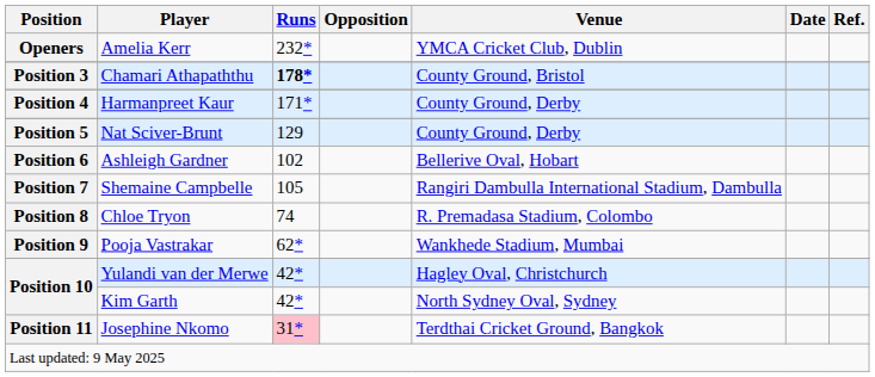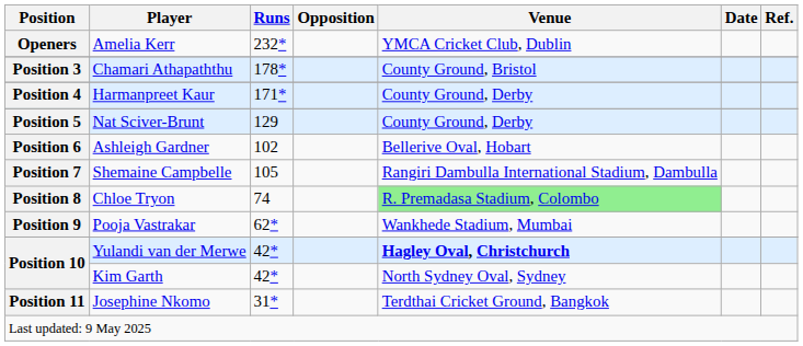 <table class="wikitable plainrowheaders defaultleft col3center">
 <tr>
 <th scope="col">Position</th>
 <th scope="col">Player</th>
 <th scope="col"><a href='#'>Runs</a></th>
 <th scope="col">Opposition</th>
 <th scope="col">Venue</th>
 <th scope="col">Date</th>
 <th scope="col">Ref.</th>
 </tr>
 <tr>
 <th scope="row">Openers</th>
 <td> <a href='#'>Amelia Kerr</a></td>
 <td>232<a href='#'>*</a></td>
 <td></td>
 <td><a href='#'>YMCA Cricket Club</a>, <a href='#'>Dublin</a></td>
 <td><a href='#'></a></td>
 <td></td>
 </tr>
 <tr>
 </tr>
 <tr style="background-color:#def;">
 <th scope="row">Position 3</th>
 <td> <a href='#'>Chamari Athapaththu</a></td>
-<td><strong>178<a href='#'>*</a></strong></td>
+<td>178<a href='#'>*</a></td>
 <td></td>
 <td><a href='#'>County Ground</a>, <a href='#'>Bristol</a></td>
 <td><a href='#'></a></td>
 <td></td>
 </tr>
 <tr>
 </tr>
 <tr style="background-color:#def;">
 <th scope="row">Position 4</th>
 <td> <a href='#'>Harmanpreet Kaur</a></td>
 <td>171<a href='#'>*</a></td>
 <td></td>
 <td><a href='#'>County Ground</a>, <a href='#'>Derby</a></td>
 <td><a href='#'></a></td>
 <td></td>
 </tr>
 <tr>
 </tr>
 <tr style="background-color:#def;">
 <th scope="row">Position 5</th>
 <td> <a href='#'>Nat Sciver-Brunt</a></td>
 <td>129</td>
 <td></td>
 <td><a href='#'>County Ground</a>, <a href='#'>Derby</a></td>
 <td><a href='#'></a></td>
 <td></td>
 </tr>
 <tr>
 <th scope="row">Position 6</th>
 <td> <a href='#'>Ashleigh Gardner</a></td>
 <td>102</td>
 <td></td>
 <td><a href='#'>Bellerive Oval</a>, <a href='#'>Hobart</a></td>
 <td><a href='#'></a></td>
 <td></td>
 </tr>
 <tr>
 <th scope="row">Position 7</th>
 <td> <a href='#'>Shemaine Campbelle</a></td>
 <td>105</td>
 <td></td>
 <td><a href='#'>Rangiri Dambulla International Stadium</a>, <a href='#'>Dambulla</a></td>
 <td><a href='#'></a></td>
 <td></td>
 </tr>
 <tr>
 <th scope="row">Position 8</th>
 <td> <a href='#'>Chloe Tryon</a></td>
 <td>74</td>
 <td></td>
-<td><a href='#'>R. Premadasa Stadium</a>, <a href='#'>Colombo</a></td>
+<td style="background: lightgreen;"><a href='#'>R. Premadasa Stadium</a>, <a href='#'>Colombo</a></td>
 <td><a href='#'></a></td>
 <td></td>
 </tr>
 <tr>
 <th scope="row">Position 9</th>
 <td> <a href='#'>Pooja Vastrakar</a></td>
 <td>62<a href='#'>*</a></td>
 <td></td>
 <td><a href='#'>Wankhede Stadium</a>, <a href='#'>Mumbai</a></td>
 <td><a href='#'></a></td>
 <td></td>
 </tr>
 <tr>
 </tr>
 <tr style="background-color:#def;">
 <th rowspan="2" scope="row">Position 10</th>
 <td> <a href='#'>Yulandi van der Merwe</a></td>
 <td>42<a href='#'>*</a></td>
 <td></td>
-<td><a href='#'>Hagley Oval</a>, <a href='#'>Christchurch</a></td>
+<td><strong><a href='#'>Hagley Oval</a>, <a href='#'>Christchurch</a></strong></td>
 <td><a href='#'></a></td>
 <td></td>
 </tr>
 <tr>
 <td> <a href='#'>Kim Garth</a></td>
 <td>42<a href='#'>*</a></td>
 <td></td>
 <td><a href='#'>North Sydney Oval</a>, <a href='#'>Sydney</a></td>
 <td><a href='#'></a></td>
 <td></td>
 </tr>
 <tr>
 <th scope="row">Position 11</th>
 <td> <a href='#'>Josephine Nkomo</a></td>
-<td style="background: pink;">31<a href='#'>*</a></td>
+<td>31<a href='#'>*</a></td>
 <td></td>
 <td><a href='#'>Terdthai Cricket Ground</a>, <a href='#'>Bangkok</a></td>
 <td><a href='#'></a></td>
 <td></td>
 </tr>
 <tr>
 <td scope="row" colspan=7><small>Last updated: 9 May 2025</small></td>
 </tr>
 </table>
